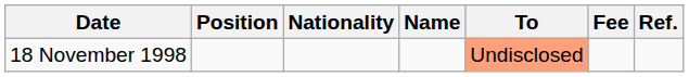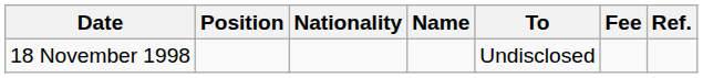 <table class="wikitable" style="text-align:center; font-size:90%; ">
 <tr>
 <th>Date</th>
 <th>Position</th>
 <th>Nationality</th>
 <th>Name</th>
 <th>To</th>
 <th>Fee</th>
 <th>Ref.</th>
 </tr>
 <tr>
 <td>18 November 1998</td>
 <td></td>
 <td></td>
 <td></td>
-<td style="background: lightsalmon;">Undisclosed</td>
+<td>Undisclosed</td>
 <td></td>
 </tr>
 </table>
